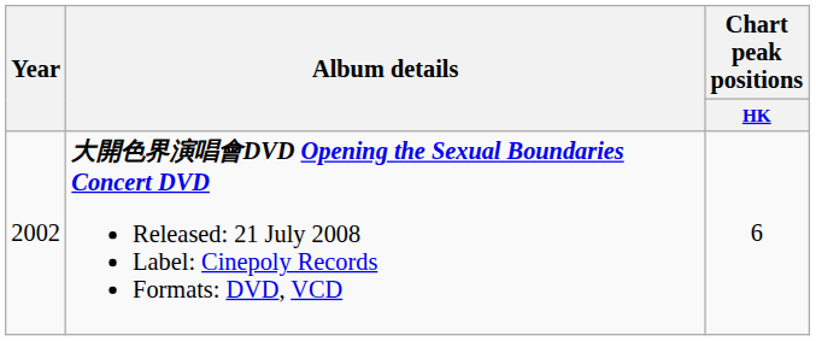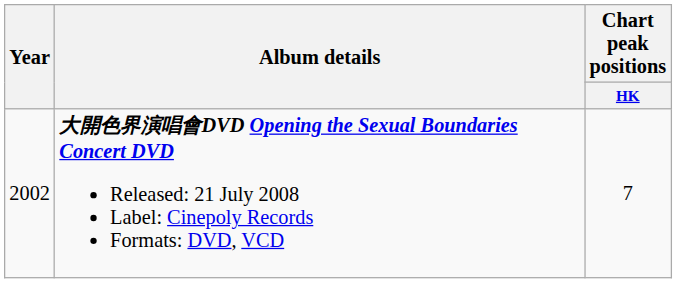 <table class="wikitable" border="1">
 <tr>
 <th rowspan="2">Year</th>
 <th rowspan="2" width="410">Album details</th>
 <th width="60" colspan="1">Chart peak positions</th>
 </tr>
 <tr>
 <th style="width:3em;font-size:75%;"><a href='#'>HK</a><br></th>
 </tr>
 <tr>
 <td>2002</td>
 <td><strong><em>大開色界演唱會DVD <a href='#'>Opening the Sexual Boundaries Concert DVD</a></em></strong><br><ul><li>Released: 21 July 2008</li><li>Label: <a href='#'>Cinepoly Records</a></li><li>Formats: <a href='#'>DVD</a>, <a href='#'>VCD</a></li></ul></td>
-<td align="center">6</td>
+<td align="center">7</td>
 </tr>
 </table>
